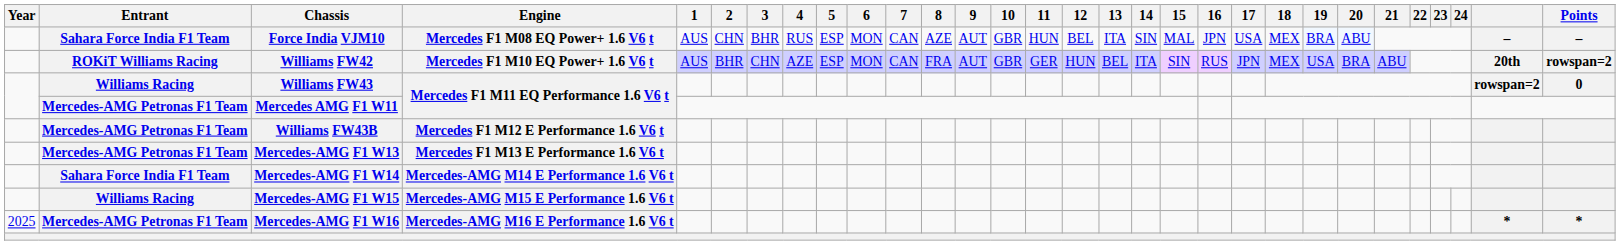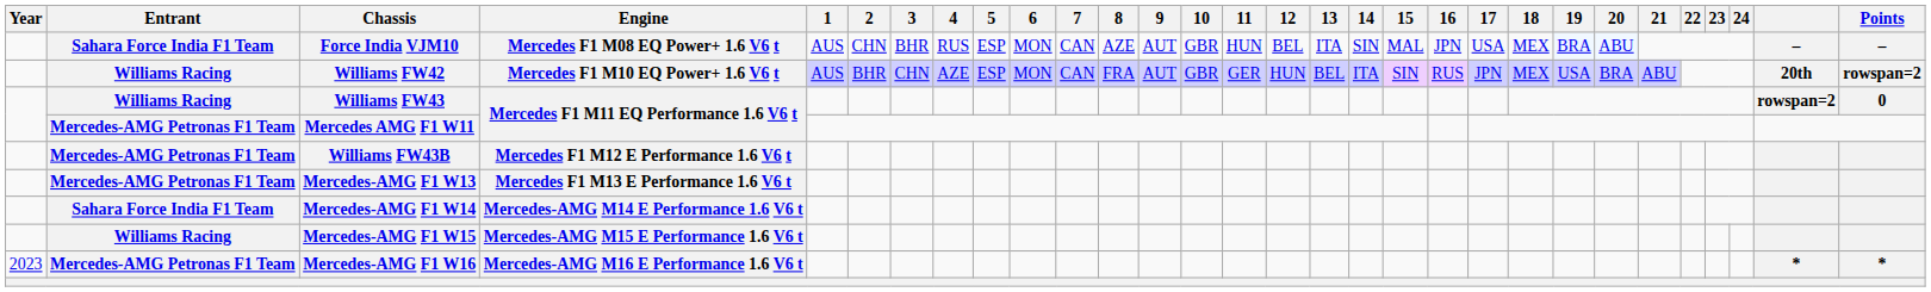 <table class="wikitable" style="text-align:center; font-size:85%;">
 <tr>
 <th>Year</th>
 <th>Entrant</th>
 <th>Chassis</th>
 <th>Engine</th>
 <th>1</th>
 <th>2</th>
 <th>3</th>
 <th>4</th>
 <th>5</th>
 <th>6</th>
 <th>7</th>
 <th>8</th>
 <th>9</th>
 <th>10</th>
 <th>11</th>
 <th>12</th>
 <th>13</th>
 <th>14</th>
 <th>15</th>
 <th>16</th>
 <th>17</th>
 <th>18</th>
 <th>19</th>
 <th>20</th>
 <th>21</th>
 <th>22</th>
 <th>23</th>
 <th>24</th>
 <th></th>
 <th><a href='#'>Points</a></th>
 </tr>
 <tr>
 <td></td>
 <th nowrap><a href='#'>Sahara Force India F1 Team</a></th>
 <th nowrap><a href='#'>Force India</a> <a href='#'>VJM10</a></th>
 <th nowrap><a href='#'>Mercedes</a> F1 M08 EQ Power+ 1.6 <a href='#'>V6</a> <a href='#'>t</a></th>
 <td><a href='#'>AUS</a></td>
 <td><a href='#'>CHN</a></td>
 <td><a href='#'>BHR</a></td>
 <td><a href='#'>RUS</a></td>
 <td><a href='#'>ESP</a></td>
 <td><a href='#'>MON</a></td>
 <td><a href='#'>CAN</a></td>
 <td><a href='#'>AZE</a></td>
 <td><a href='#'>AUT</a></td>
 <td><a href='#'>GBR</a></td>
 <td><a href='#'>HUN</a></td>
 <td><a href='#'>BEL</a></td>
 <td><a href='#'>ITA</a></td>
 <td><a href='#'>SIN</a></td>
 <td><a href='#'>MAL</a></td>
 <td><a href='#'>JPN</a></td>
 <td><a href='#'>USA</a></td>
 <td><a href='#'>MEX</a></td>
 <td style="background:#F1F8FF;"><a href='#'>BRA</a><br></td>
 <td style="background:#F1F8FF;"><a href='#'>ABU</a><br></td>
 <td colspan=4></td>
 <th>–</th>
 <th>–</th>
 </tr>
 <tr>
 <td id=2019R></td>
-<th nowrap><a href='#'>ROKiT Williams Racing</a></th>
+<th nowrap><a href='#'>Williams Racing</a></th>
 <th nowrap><a href='#'>Williams</a> <a href='#'>FW42</a></th>
 <th nowrap><a href='#'>Mercedes</a> F1 M10 EQ Power+ 1.6 <a href='#'>V6</a> <a href='#'>t</a></th>
 <td style="background:#CFCFFF;"><a href='#'>AUS</a><br></td>
 <td style="background:#CFCFFF;"><a href='#'>BHR</a><br></td>
 <td style="background:#CFCFFF;"><a href='#'>CHN</a><br></td>
 <td style="background:#CFCFFF;"><a href='#'>AZE</a><br></td>
 <td style="background:#CFCFFF;"><a href='#'>ESP</a><br></td>
 <td style="background:#CFCFFF;"><a href='#'>MON</a><br></td>
 <td style="background:#CFCFFF;"><a href='#'>CAN</a><br></td>
 <td style="background:#CFCFFF;"><a href='#'>FRA</a><br></td>
 <td style="background:#CFCFFF;"><a href='#'>AUT</a><br></td>
 <td style="background:#CFCFFF;"><a href='#'>GBR</a><br></td>
 <td style="background:#CFCFFF;"><a href='#'>GER</a><br></td>
 <td style="background:#CFCFFF;"><a href='#'>HUN</a><br></td>
 <td style="background:#CFCFFF;"><a href='#'>BEL</a><br></td>
 <td style="background:#CFCFFF;"><a href='#'>ITA</a><br></td>
 <td style="background:#EFCFFF;"><a href='#'>SIN</a><br></td>
 <td style="background:#EFCFFF;"><a href='#'>RUS</a><br></td>
 <td style="background:#CFCFFF;"><a href='#'>JPN</a><br></td>
 <td style="background:#CFCFFF;"><a href='#'>MEX</a><br></td>
 <td style="background:#CFCFFF;"><a href='#'>USA</a><br></td>
 <td style="background:#CFCFFF;"><a href='#'>BRA</a><br></td>
 <td style="background:#CFCFFF;"><a href='#'>ABU</a><br></td>
 <td colspan=3></td>
 <th>20th</th>
 <th>rowspan=2 </th>
 </tr>
 <tr>
 <td id=2020R rowspan=2></td>
 <th nowrap><a href='#'>Williams Racing</a></th>
 <th nowrap><a href='#'>Williams</a> <a href='#'>FW43</a></th>
 <th rowspan=2 nowrap><a href='#'>Mercedes</a> F1 M11 EQ Performance 1.6 <a href='#'>V6</a> <a href='#'>t</a></th>
 <td></td>
 <td></td>
 <td></td>
 <td></td>
 <td></td>
 <td></td>
 <td></td>
 <td></td>
 <td></td>
 <td></td>
 <td></td>
 <td></td>
 <td></td>
 <td></td>
 <td></td>
 <td></td>
 <td></td>
 <td colspan=7></td>
 <th>rowspan=2 </th>
 <th>0</th>
 </tr>
 <tr>
 <th nowrap><a href='#'>Mercedes-AMG Petronas F1 Team</a></th>
 <th nowrap><a href='#'>Mercedes AMG</a> <a href='#'>F1 W11</a></th>
 <td colspan=15></td>
 <td></td>
 <td colspan=8></td>
 </tr>
 <tr>
 <td id=2021R></td>
 <th nowrap><a href='#'>Mercedes-AMG Petronas F1 Team</a></th>
 <th nowrap><a href='#'>Williams</a> <a href='#'>FW43B</a></th>
 <th nowrap><a href='#'>Mercedes</a> F1 M12 E Performance 1.6 <a href='#'>V6</a> <a href='#'>t</a></th>
 <td></td>
 <td></td>
 <td></td>
 <td></td>
 <td></td>
 <td></td>
 <td></td>
 <td></td>
 <td></td>
 <td></td>
 <td></td>
 <td></td>
 <td></td>
 <td></td>
 <td></td>
 <td></td>
 <td></td>
 <td></td>
 <td></td>
 <td></td>
 <td></td>
 <td></td>
 <td colspan=2></td>
 <th></th>
 <th></th>
 </tr>
 <tr>
 <td id=2022R></td>
 <th nowrap><a href='#'>Mercedes-AMG Petronas F1 Team</a></th>
 <th nowrap><a href='#'>Mercedes-AMG</a> <a href='#'>F1 W13</a></th>
 <th nowrap><a href='#'>Mercedes</a> F1 M13 E Performance 1.6 <a href='#'>V6 t</a></th>
 <td></td>
 <td></td>
 <td></td>
 <td></td>
 <td></td>
 <td></td>
 <td></td>
 <td></td>
 <td></td>
 <td></td>
 <td></td>
 <td></td>
 <td></td>
 <td></td>
 <td></td>
 <td></td>
 <td></td>
 <td></td>
 <td></td>
 <td></td>
 <td></td>
 <td></td>
 <td colspan=2></td>
 <th></th>
 <th></th>
 </tr>
 <tr>
 <td id=2023R></td>
 <th nowrap><a href='#'>Sahara Force India F1 Team</a></th>
 <th nowrap><a href='#'>Mercedes-AMG</a> <a href='#'>F1 W14</a></th>
 <th nowrap><a href='#'>Mercedes-AMG</a> <a href='#'>M14 E Performance 1.6</a> <a href='#'>V6 t</a></th>
 <td></td>
 <td></td>
 <td></td>
 <td></td>
 <td></td>
 <td></td>
 <td></td>
 <td></td>
 <td></td>
 <td></td>
 <td></td>
 <td></td>
 <td></td>
 <td></td>
 <td></td>
 <td></td>
 <td></td>
 <td></td>
 <td></td>
 <td></td>
 <td></td>
 <td></td>
 <td colspan=2></td>
 <th></th>
 <th></th>
 </tr>
 <tr>
 <td id=2024R></td>
 <th nowrap><a href='#'>Williams Racing</a></th>
 <th nowrap><a href='#'>Mercedes-AMG</a> <a href='#'>F1 W15</a></th>
 <th nowrap><a href='#'>Mercedes-AMG</a> <a href='#'>M15 E Performance</a> 1.6 <a href='#'>V6 t</a></th>
 <td></td>
 <td></td>
 <td></td>
 <td></td>
 <td></td>
 <td></td>
 <td></td>
 <td></td>
 <td></td>
 <td></td>
 <td></td>
 <td></td>
 <td></td>
 <td></td>
 <td></td>
 <td></td>
 <td></td>
 <td></td>
 <td></td>
 <td></td>
 <td></td>
 <td></td>
 <td></td>
 <td></td>
 <th></th>
 <th></th>
 </tr>
 <tr>
-<td id=2025R><a href='#'>2025</a></td>
+<td id=2025R><a href='#'>2023</a></td>
 <th nowrap><a href='#'>Mercedes-AMG Petronas F1 Team</a></th>
 <th nowrap><a href='#'>Mercedes-AMG</a> <a href='#'>F1 W16</a></th>
 <th nowrap><a href='#'>Mercedes-AMG</a> <a href='#'>M16 E Performance</a> 1.6 <a href='#'>V6 t</a></th>
 <td></td>
 <td></td>
 <td></td>
 <td></td>
 <td></td>
 <td></td>
 <td></td>
 <td></td>
 <td></td>
 <td></td>
 <td></td>
 <td></td>
 <td></td>
 <td></td>
 <td></td>
 <td></td>
 <td></td>
 <td></td>
 <td></td>
 <td></td>
 <td></td>
 <td></td>
 <td></td>
 <td></td>
 <th>*</th>
 <th>*</th>
 </tr>
 <tr>
 <th colspan="30"></th>
 </tr>
 </table>
